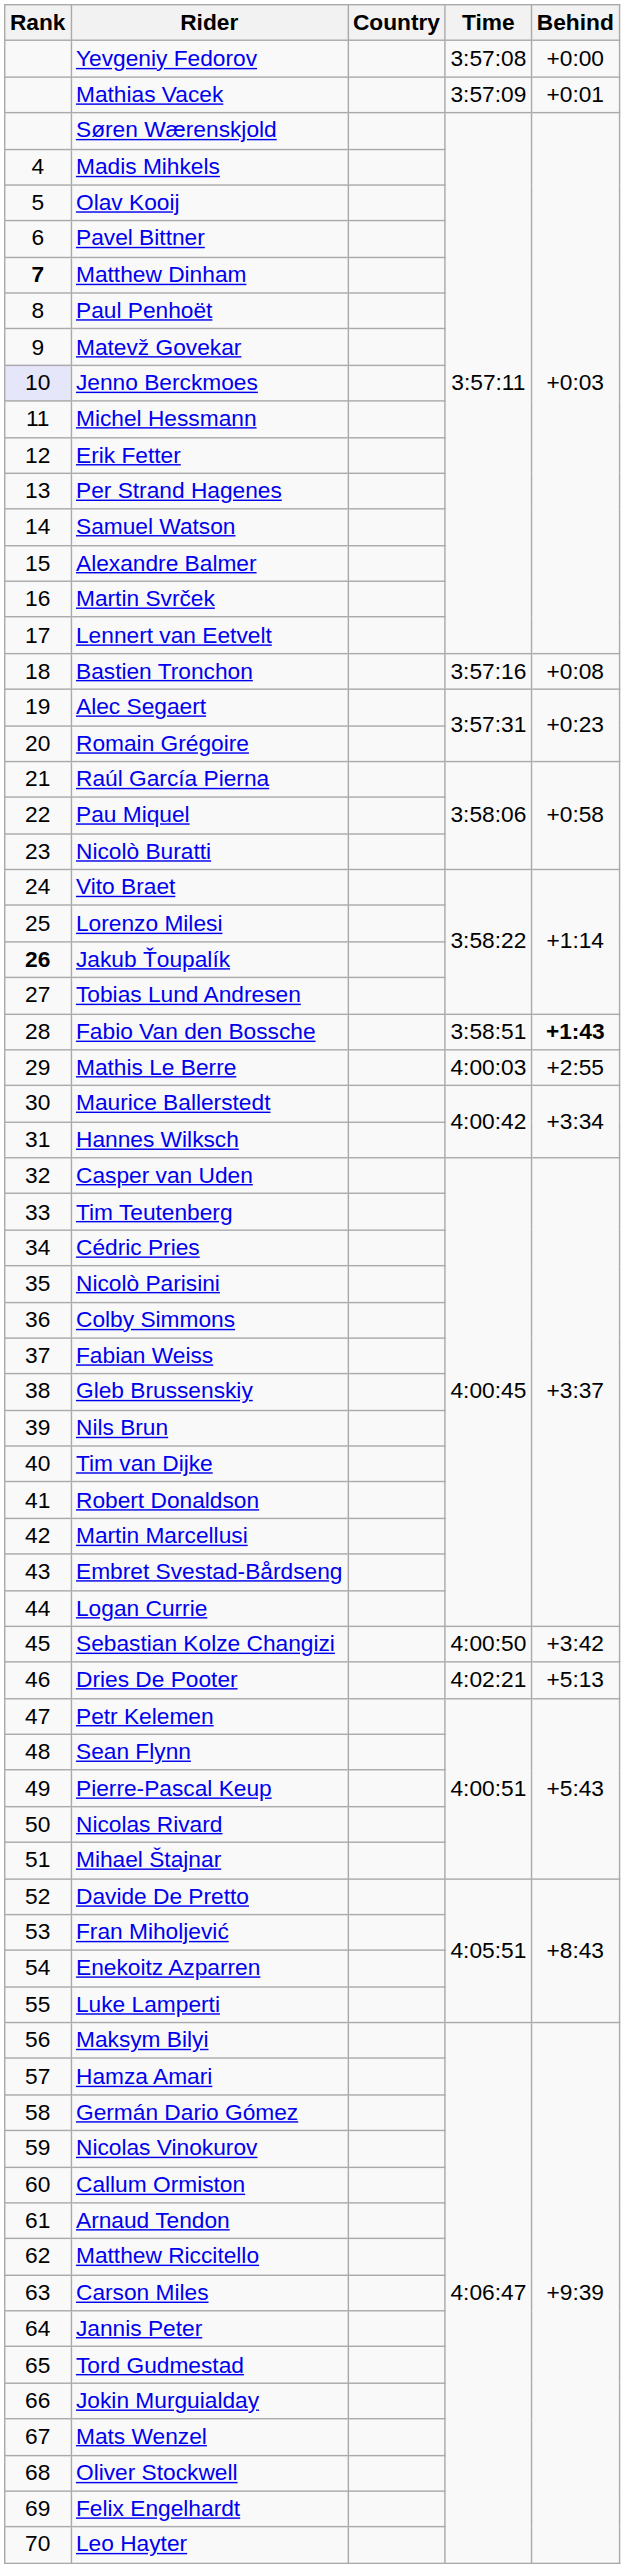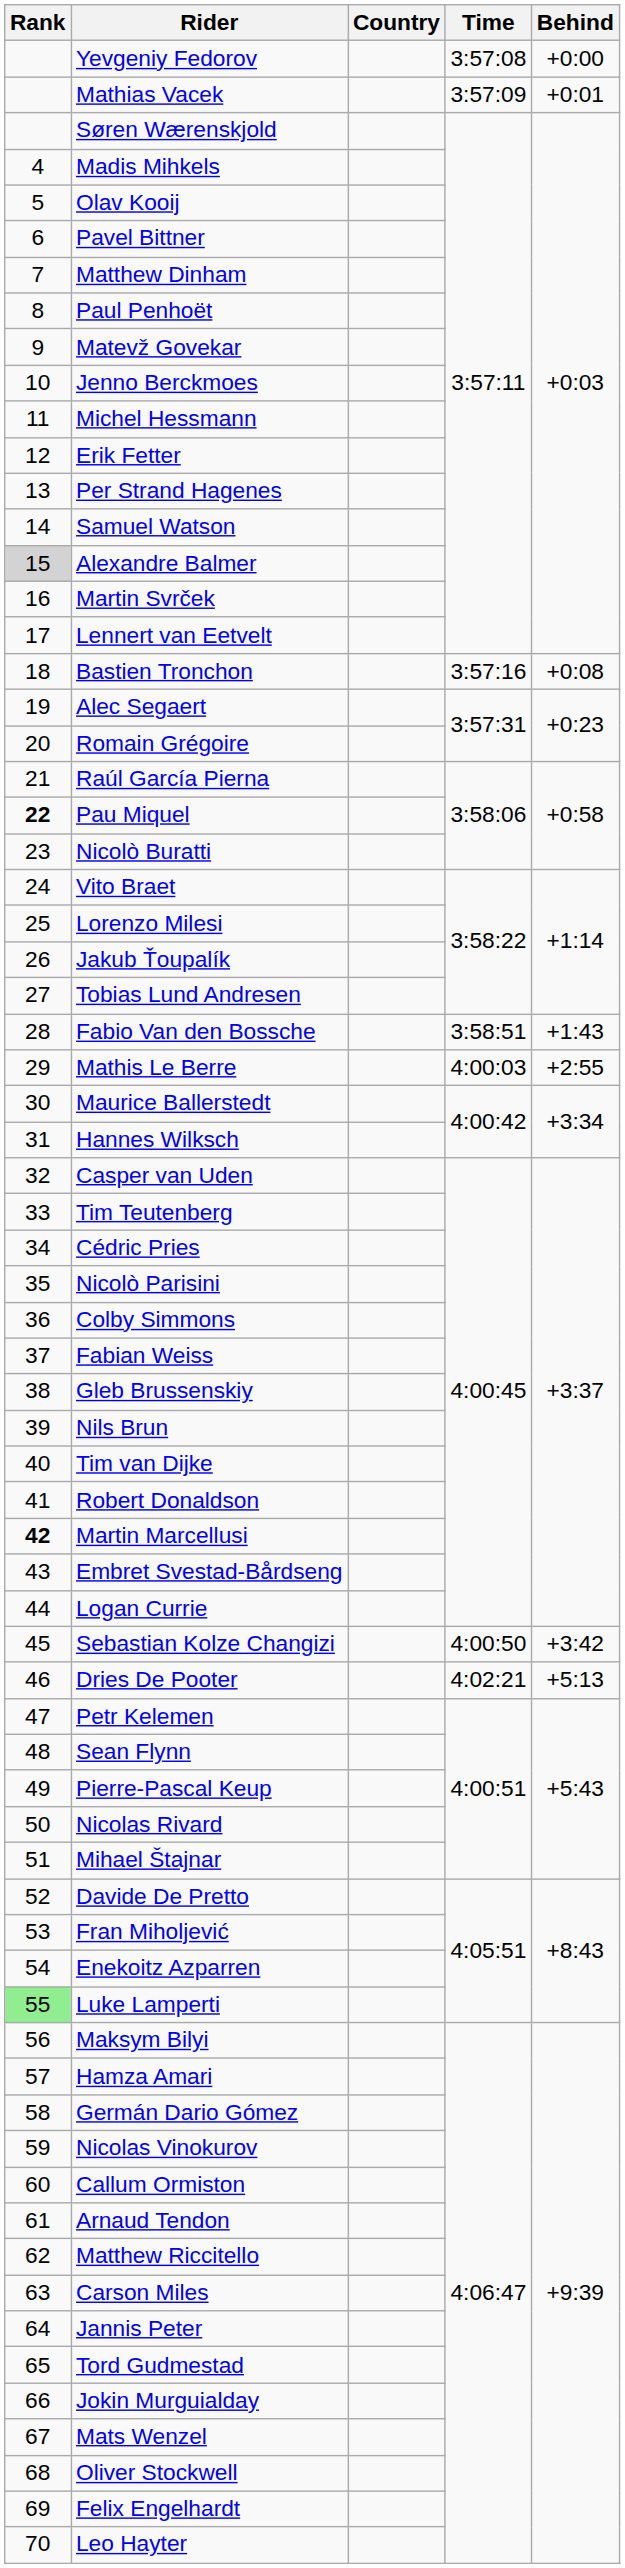 <table class="wikitable sortable" style="text-align: center"">
 <tr>
 <th>Rank</th>
 <th>Rider</th>
 <th>Country</th>
 <th>Time</th>
 <th>Behind</th>
 </tr>
 <tr>
 <td></td>
 <td align="left"><a href='#'>Yevgeniy Fedorov</a></td>
 <td align="left"></td>
 <td>3:57:08</td>
 <td>+0:00</td>
 </tr>
 <tr>
 <td></td>
 <td align="left"><a href='#'>Mathias Vacek</a></td>
 <td align="left"></td>
 <td>3:57:09</td>
 <td>+0:01</td>
 </tr>
 <tr>
 <td></td>
 <td align="left"><a href='#'>Søren Wærenskjold</a></td>
 <td align="left"></td>
 <td rowspan=15>3:57:11</td>
 <td rowspan=15>+0:03</td>
 </tr>
 <tr>
 <td>4</td>
 <td align="left"><a href='#'>Madis Mihkels</a></td>
 <td align="left"></td>
 </tr>
 <tr>
 <td>5</td>
 <td align="left"><a href='#'>Olav Kooij</a></td>
 <td align="left"></td>
 </tr>
 <tr>
 <td>6</td>
 <td align="left"><a href='#'>Pavel Bittner</a></td>
 <td align="left"></td>
 </tr>
 <tr>
-<td><strong>7</strong></td>
+<td>7</td>
 <td align="left"><a href='#'>Matthew Dinham</a></td>
 <td align="left"></td>
 </tr>
 <tr>
 <td>8</td>
 <td align="left"><a href='#'>Paul Penhoët</a></td>
 <td align="left"></td>
 </tr>
 <tr>
 <td>9</td>
 <td align="left"><a href='#'>Matevž Govekar</a></td>
 <td align="left"></td>
 </tr>
 <tr>
-<td style="background: lavender;">10</td>
+<td>10</td>
 <td align="left"><a href='#'>Jenno Berckmoes</a></td>
 <td align="left"></td>
 </tr>
 <tr>
 <td>11</td>
 <td align="left"><a href='#'>Michel Hessmann</a></td>
 <td align="left"></td>
 </tr>
 <tr>
 <td>12</td>
 <td align="left"><a href='#'>Erik Fetter</a></td>
 <td align="left"></td>
 </tr>
 <tr>
 <td>13</td>
 <td align="left"><a href='#'>Per Strand Hagenes</a></td>
 <td align="left"></td>
 </tr>
 <tr>
 <td>14</td>
 <td align="left"><a href='#'>Samuel Watson</a></td>
 <td align="left"></td>
 </tr>
 <tr>
-<td>15</td>
+<td style="background: lightgrey;">15</td>
 <td align="left"><a href='#'>Alexandre Balmer</a></td>
 <td align="left"></td>
 </tr>
 <tr>
 <td>16</td>
 <td align="left"><a href='#'>Martin Svrček</a></td>
 <td align="left"></td>
 </tr>
 <tr>
 <td>17</td>
 <td align="left"><a href='#'>Lennert van Eetvelt</a></td>
 <td align="left"></td>
 </tr>
 <tr>
 <td>18</td>
 <td align="left"><a href='#'>Bastien Tronchon</a></td>
 <td align="left"></td>
 <td>3:57:16</td>
 <td>+0:08</td>
 </tr>
 <tr>
 <td>19</td>
 <td align="left"><a href='#'>Alec Segaert</a></td>
 <td align="left"></td>
 <td rowspan=2>3:57:31</td>
 <td rowspan=2>+0:23</td>
 </tr>
 <tr>
 <td>20</td>
 <td align="left"><a href='#'>Romain Grégoire</a></td>
 <td align="left"></td>
 </tr>
 <tr>
 <td>21</td>
 <td align="left"><a href='#'>Raúl García Pierna</a></td>
 <td align="left"></td>
 <td rowspan=3>3:58:06</td>
 <td rowspan=3>+0:58</td>
 </tr>
 <tr>
-<td>22</td>
+<td><strong>22</strong></td>
 <td align="left"><a href='#'>Pau Miquel</a></td>
 <td align="left"></td>
 </tr>
 <tr>
 <td>23</td>
 <td align="left"><a href='#'>Nicolò Buratti</a></td>
 <td align="left"></td>
 </tr>
 <tr>
 <td>24</td>
 <td align="left"><a href='#'>Vito Braet</a></td>
 <td align="left"></td>
 <td rowspan=4>3:58:22</td>
 <td rowspan=4>+1:14</td>
 </tr>
 <tr>
 <td>25</td>
 <td align="left"><a href='#'>Lorenzo Milesi</a></td>
 <td align="left"></td>
 </tr>
 <tr>
-<td><strong>26</strong></td>
+<td>26</td>
 <td align="left"><a href='#'>Jakub Ťoupalík</a></td>
 <td align="left"></td>
 </tr>
 <tr>
 <td>27</td>
 <td align="left"><a href='#'>Tobias Lund Andresen</a></td>
 <td align="left"></td>
 </tr>
 <tr>
 <td>28</td>
 <td align="left"><a href='#'>Fabio Van den Bossche</a></td>
 <td align="left"></td>
 <td>3:58:51</td>
-<td><strong>+1:43</strong></td>
+<td>+1:43</td>
 </tr>
 <tr>
 <td>29</td>
 <td align="left"><a href='#'>Mathis Le Berre</a></td>
 <td align="left"></td>
 <td>4:00:03</td>
 <td>+2:55</td>
 </tr>
 <tr>
 <td>30</td>
 <td align="left"><a href='#'>Maurice Ballerstedt</a></td>
 <td align="left"></td>
 <td rowspan=2>4:00:42</td>
 <td rowspan=2>+3:34</td>
 </tr>
 <tr>
 <td>31</td>
 <td align="left"><a href='#'>Hannes Wilksch</a></td>
 <td align="left"></td>
 </tr>
 <tr>
 <td>32</td>
 <td align="left"><a href='#'>Casper van Uden</a></td>
 <td align="left"></td>
 <td rowspan=13>4:00:45</td>
 <td rowspan=13>+3:37</td>
 </tr>
 <tr>
 <td>33</td>
 <td align="left"><a href='#'>Tim Teutenberg</a></td>
 <td align="left"></td>
 </tr>
 <tr>
 <td>34</td>
 <td align="left"><a href='#'>Cédric Pries</a></td>
 <td align="left"></td>
 </tr>
 <tr>
 <td>35</td>
 <td align="left"><a href='#'>Nicolò Parisini</a></td>
 <td align="left"></td>
 </tr>
 <tr>
 <td>36</td>
 <td align="left"><a href='#'>Colby Simmons</a></td>
 <td align="left"></td>
 </tr>
 <tr>
 <td>37</td>
 <td align="left"><a href='#'>Fabian Weiss</a></td>
 <td align="left"></td>
 </tr>
 <tr>
 <td>38</td>
 <td align="left"><a href='#'>Gleb Brussenskiy</a></td>
 <td align="left"></td>
 </tr>
 <tr>
 <td>39</td>
 <td align="left"><a href='#'>Nils Brun</a></td>
 <td align="left"></td>
 </tr>
 <tr>
 <td>40</td>
 <td align="left"><a href='#'>Tim van Dijke</a></td>
 <td align="left"></td>
 </tr>
 <tr>
 <td>41</td>
 <td align="left"><a href='#'>Robert Donaldson</a></td>
 <td align="left"></td>
 </tr>
 <tr>
-<td>42</td>
+<td><strong>42</strong></td>
 <td align="left"><a href='#'>Martin Marcellusi</a></td>
 <td align="left"></td>
 </tr>
 <tr>
 <td>43</td>
 <td align="left"><a href='#'>Embret Svestad-Bårdseng</a></td>
 <td align="left"></td>
 </tr>
 <tr>
 <td>44</td>
 <td align="left"><a href='#'>Logan Currie</a></td>
 <td align="left"></td>
 </tr>
 <tr>
 <td>45</td>
 <td align="left"><a href='#'>Sebastian Kolze Changizi</a></td>
 <td align="left"></td>
 <td>4:00:50</td>
 <td>+3:42</td>
 </tr>
 <tr>
 <td>46</td>
 <td align="left"><a href='#'>Dries De Pooter</a></td>
 <td align="left"></td>
 <td>4:02:21</td>
 <td>+5:13</td>
 </tr>
 <tr>
 <td>47</td>
 <td align="left"><a href='#'>Petr Kelemen</a></td>
 <td align="left"></td>
 <td rowspan=5>4:00:51</td>
 <td rowspan=5>+5:43</td>
 </tr>
 <tr>
 <td>48</td>
 <td align="left"><a href='#'>Sean Flynn</a></td>
 <td align="left"></td>
 </tr>
 <tr>
 <td>49</td>
 <td align="left"><a href='#'>Pierre-Pascal Keup</a></td>
 <td align="left"></td>
 </tr>
 <tr>
 <td>50</td>
 <td align="left"><a href='#'>Nicolas Rivard</a></td>
 <td align="left"></td>
 </tr>
 <tr>
 <td>51</td>
 <td align="left"><a href='#'>Mihael Štajnar</a></td>
 <td align="left"></td>
 </tr>
 <tr>
 <td>52</td>
 <td align="left"><a href='#'>Davide De Pretto</a></td>
 <td align="left"></td>
 <td rowspan=4>4:05:51</td>
 <td rowspan=4>+8:43</td>
 </tr>
 <tr>
 <td>53</td>
 <td align="left"><a href='#'>Fran Miholjević</a></td>
 <td align="left"></td>
 </tr>
 <tr>
 <td>54</td>
 <td align="left"><a href='#'>Enekoitz Azparren</a></td>
 <td align="left"></td>
 </tr>
 <tr>
-<td>55</td>
+<td style="background: lightgreen;">55</td>
 <td align="left"><a href='#'>Luke Lamperti</a></td>
 <td align="left"></td>
 </tr>
 <tr>
 <td>56</td>
 <td align="left"><a href='#'>Maksym Bilyi</a></td>
 <td align="left"></td>
 <td rowspan=15>4:06:47</td>
 <td rowspan=15>+9:39</td>
 </tr>
 <tr>
 <td>57</td>
 <td align="left"><a href='#'>Hamza Amari</a></td>
 <td align="left"></td>
 </tr>
 <tr>
 <td>58</td>
 <td align="left"><a href='#'>Germán Dario Gómez</a></td>
 <td align="left"></td>
 </tr>
 <tr>
 <td>59</td>
 <td align="left"><a href='#'>Nicolas Vinokurov</a></td>
 <td align="left"></td>
 </tr>
 <tr>
 <td>60</td>
 <td align="left"><a href='#'>Callum Ormiston</a></td>
 <td align="left"></td>
 </tr>
 <tr>
 <td>61</td>
 <td align="left"><a href='#'>Arnaud Tendon</a></td>
 <td align="left"></td>
 </tr>
 <tr>
 <td>62</td>
 <td align="left"><a href='#'>Matthew Riccitello</a></td>
 <td align="left"></td>
 </tr>
 <tr>
 <td>63</td>
 <td align="left"><a href='#'>Carson Miles</a></td>
 <td align="left"></td>
 </tr>
 <tr>
 <td>64</td>
 <td align="left"><a href='#'>Jannis Peter</a></td>
 <td align="left"></td>
 </tr>
 <tr>
 <td>65</td>
 <td align="left"><a href='#'>Tord Gudmestad</a></td>
 <td align="left"></td>
 </tr>
 <tr>
 <td>66</td>
 <td align="left"><a href='#'>Jokin Murguialday</a></td>
 <td align="left"></td>
 </tr>
 <tr>
 <td>67</td>
 <td align="left"><a href='#'>Mats Wenzel</a></td>
 <td align="left"></td>
 </tr>
 <tr>
 <td>68</td>
 <td align="left"><a href='#'>Oliver Stockwell</a></td>
 <td align="left"></td>
 </tr>
 <tr>
 <td>69</td>
 <td align="left"><a href='#'>Felix Engelhardt</a></td>
 <td align="left"></td>
 </tr>
 <tr>
 <td>70</td>
 <td align="left"><a href='#'>Leo Hayter</a></td>
 <td align="left"></td>
 </tr>
 <tr>
 </tr>
 </table>
